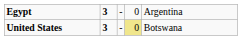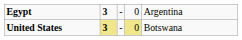 <table class="wikitable">
 <tr>
 <td width=150> <strong>Egypt</strong></td>
 <td style="width:20px; text-align:left;"><strong>3</strong></td>
 <td>-</td>
 <td style="width:20px; text-align:right;">0</td>
 <td width=150> Argentina</td>
 </tr>
 <tr>
 <td> <strong>United States</strong></td>
-<td style="text-align:left;"><strong>3</strong></td>
+<td style="background: khaki; text-align:left;"><strong>3</strong></td>
 <td>-</td>
 <td style="background: khaki; text-align:right;">0</td>
 <td> Botswana</td>
 </tr>
 </table>
